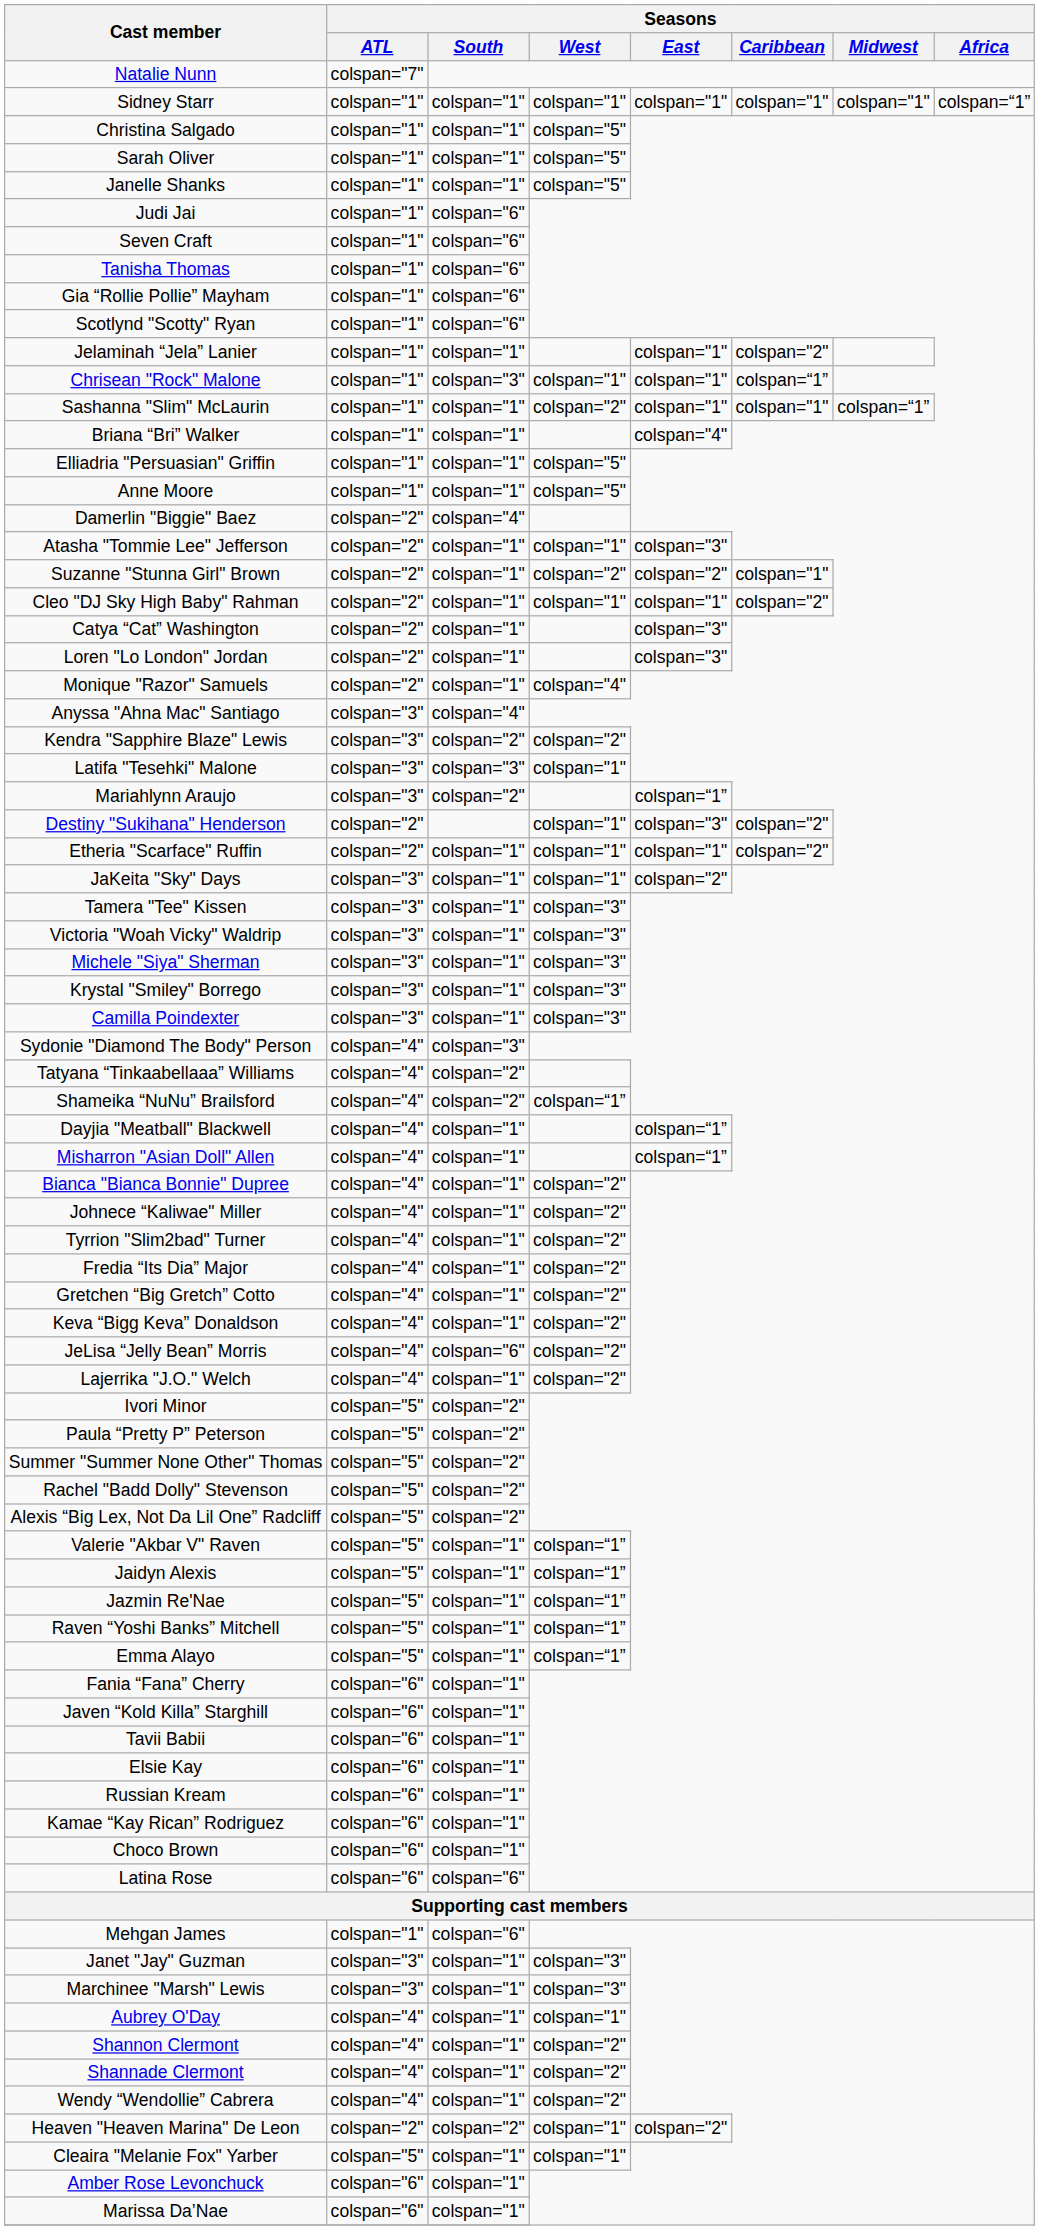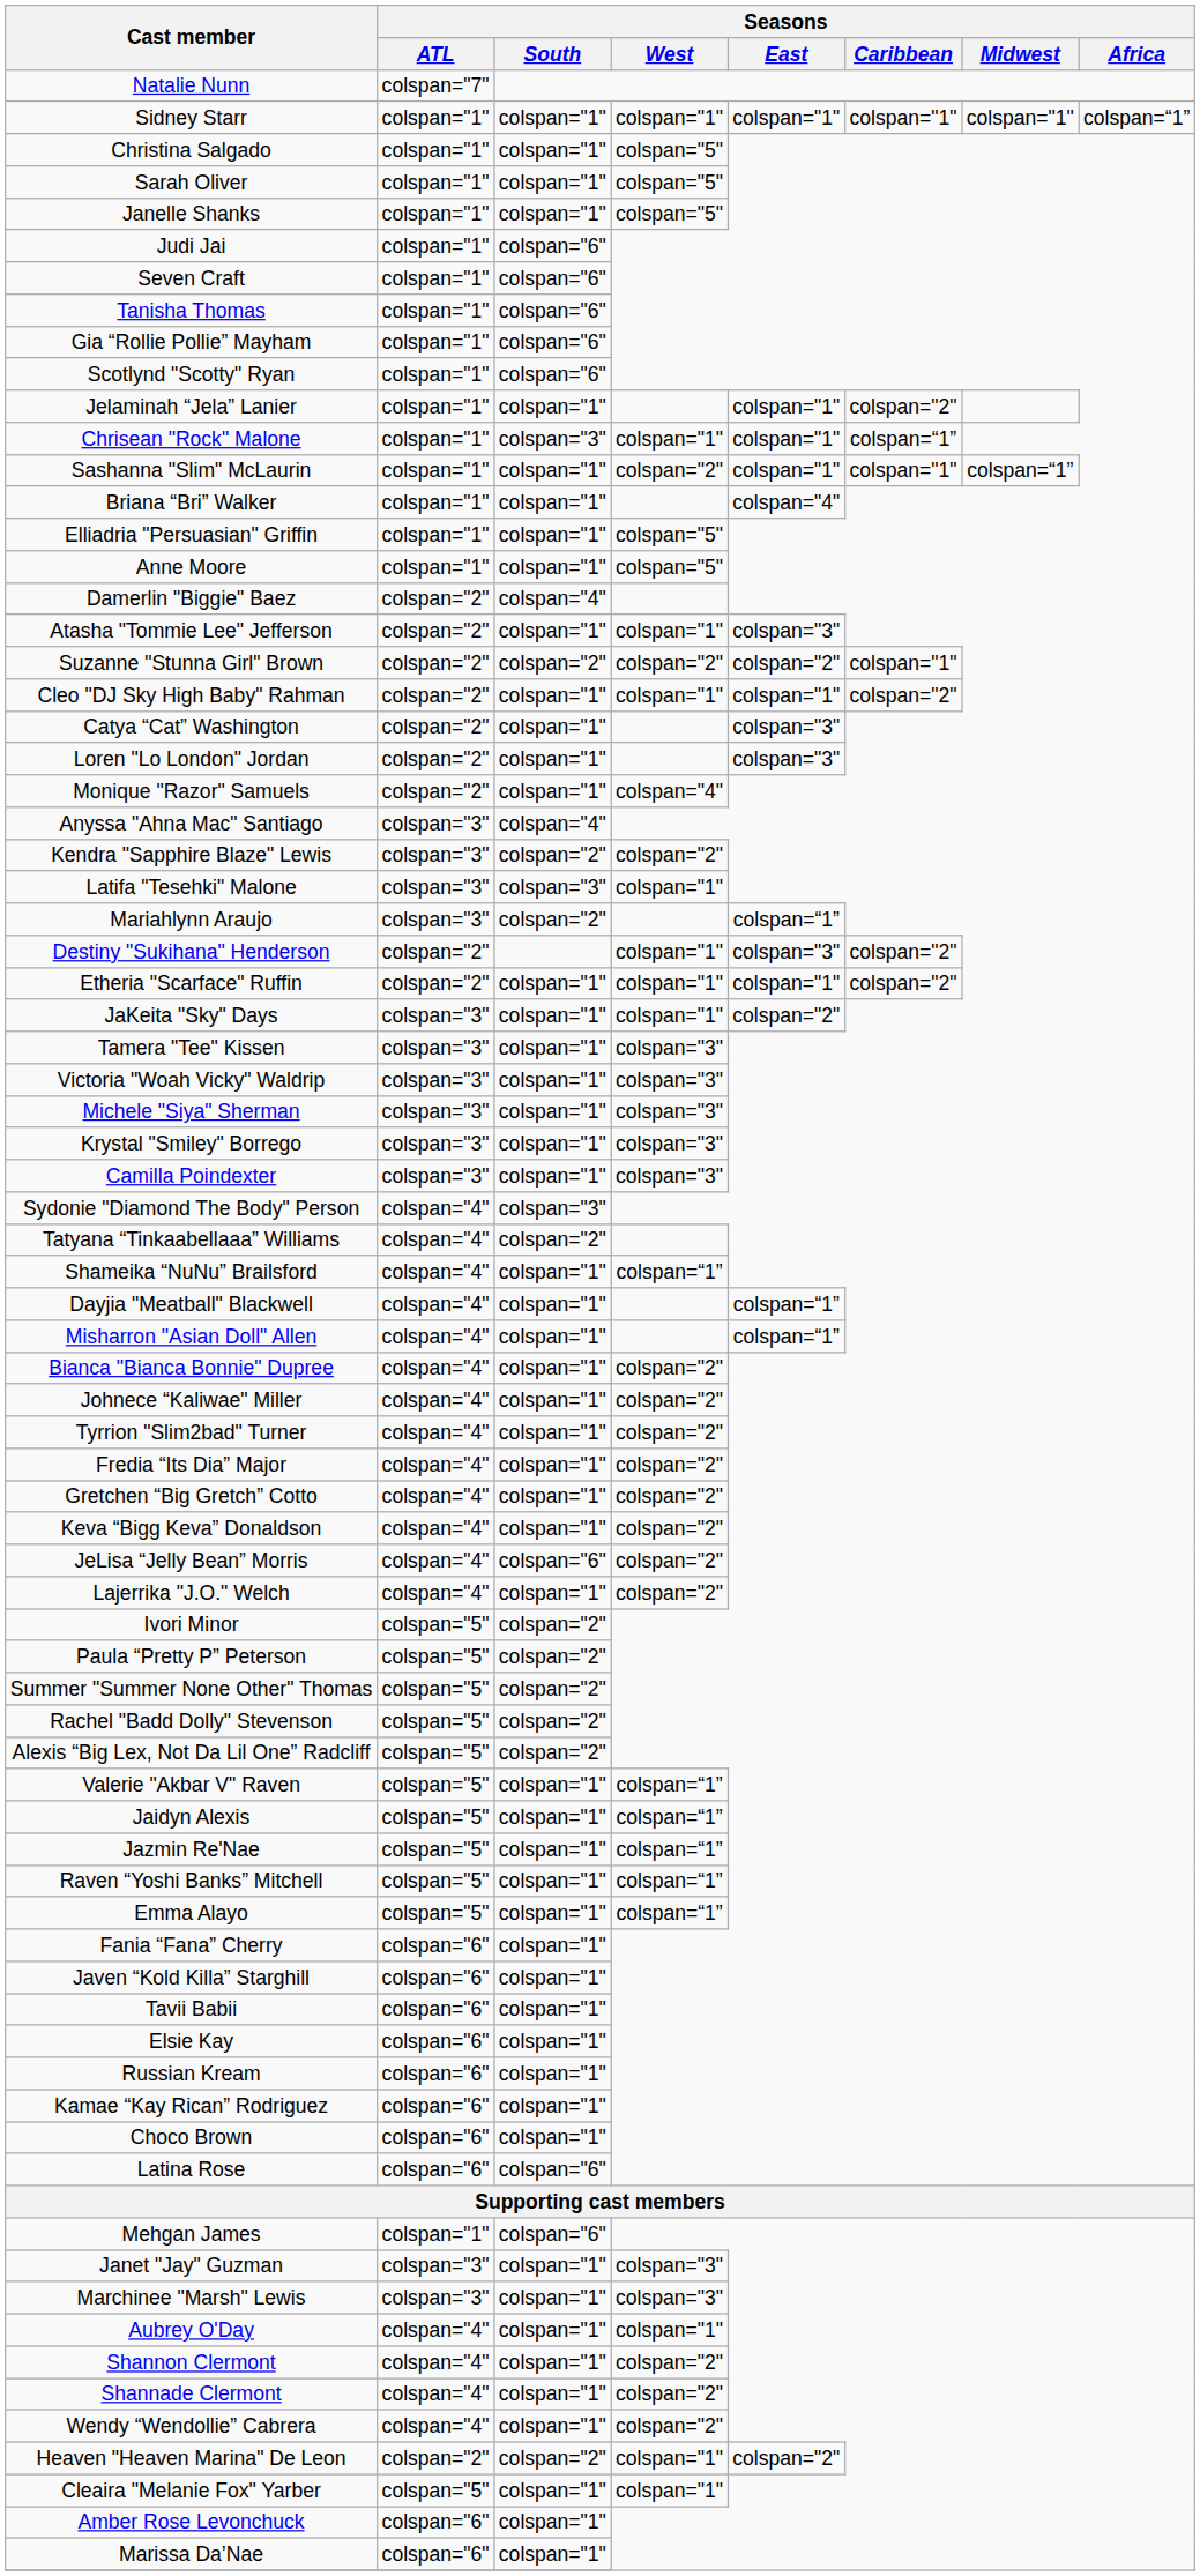 <table class="wikitable plainrowheaders" style="text-align:center; font-size:90%; width:75%">
 <tr>
 <th rowspan="2" style="width:25%;">Cast member</th>
 <th colspan="7">Seasons</th>
 </tr>
 <tr>
 <th style="width:10%;"><em><a href='#'>ATL</a></em></th>
 <th style="width:10%;"><em><a href='#'>South</a></em></th>
 <th style="width:10%;"><em><a href='#'>West</a></em></th>
 <th style="width:10%;"><em><a href='#'>East</a></em></th>
 <th style="width:10%;"><em><a href='#'>Caribbean</a></em></th>
 <th style="width:10%;"><em><a href='#'>Midwest</a></em></th>
 <th style="width:10%;"><em><a href='#'>Africa</a></em></th>
 </tr>
 <tr>
 <td><a href='#'>Natalie Nunn</a></td>
 <td>colspan="7" </td>
 </tr>
 <tr  >
 <td>Sidney Starr</td>
 <td>colspan="1" </td>
 <td>colspan="1" </td>
 <td>colspan="1" </td>
 <td>colspan="1" </td>
 <td>colspan="1" </td>
 <td>colspan="1" </td>
 <td>colspan=“1” </td>
 </tr>
 <tr>
 <td>Christina Salgado</td>
 <td>colspan="1" </td>
 <td>colspan="1" </td>
 <td>colspan="5" </td>
 </tr>
 <tr>
 <td>Sarah Oliver</td>
 <td>colspan="1" </td>
 <td>colspan="1" </td>
 <td>colspan="5" </td>
 </tr>
 <tr>
 <td>Janelle Shanks</td>
 <td>colspan="1" </td>
 <td>colspan="1" </td>
 <td>colspan="5" </td>
 </tr>
 <tr>
 <td>Judi Jai</td>
 <td>colspan="1" </td>
 <td>colspan="6" </td>
 </tr>
 <tr>
 <td>Seven Craft</td>
 <td>colspan="1" </td>
 <td>colspan="6" </td>
 </tr>
 <tr>
 <td><a href='#'>Tanisha Thomas</a></td>
 <td>colspan="1" </td>
 <td>colspan="6" </td>
 </tr>
 <tr>
 <td>Gia “Rollie Pollie” Mayham</td>
 <td>colspan="1" </td>
 <td>colspan="6" </td>
 </tr>
 <tr>
 <td>Scotlynd "Scotty" Ryan</td>
 <td>colspan="1" </td>
 <td>colspan="6" </td>
 </tr>
 <tr>
 <td>Jelaminah “Jela” Lanier</td>
 <td>colspan="1" </td>
 <td>colspan="1" </td>
 <td></td>
 <td>colspan="1" </td>
 <td>colspan="2" </td>
 <td></td>
 </tr>
 <tr>
 <td><a href='#'>Chrisean "Rock" Malone</a></td>
 <td>colspan="1" </td>
 <td>colspan="3" </td>
 <td>colspan="1" </td>
 <td>colspan="1" </td>
 <td>colspan=“1” </td>
 </tr>
 <tr>
 <td>Sashanna "Slim" McLaurin</td>
 <td>colspan="1" </td>
 <td>colspan="1" </td>
 <td>colspan="2" </td>
 <td>colspan="1"  </td>
 <td>colspan="1" </td>
 <td>colspan=“1” </td>
 </tr>
 <tr>
 <td>Briana “Bri” Walker</td>
 <td>colspan="1" </td>
 <td>colspan="1" </td>
 <td></td>
 <td>colspan="4" </td>
 </tr>
 <tr>
 <td>Elliadria "Persuasian" Griffin</td>
 <td>colspan="1" </td>
 <td>colspan="1" </td>
 <td>colspan="5" </td>
 </tr>
 <tr>
 <td>Anne Moore</td>
 <td>colspan="1" </td>
 <td>colspan="1" </td>
 <td>colspan="5" </td>
 </tr>
 <tr>
 <td>Damerlin "Biggie" Baez</td>
 <td>colspan="2" </td>
 <td>colspan="4" </td>
 <td></td>
 </tr>
 <tr>
 <td nowrap>Atasha "Tommie Lee" Jefferson</td>
 <td>colspan="2" </td>
 <td>colspan="1" </td>
 <td>colspan="1" </td>
 <td>colspan="3" </td>
 </tr>
 <tr>
 <td>Suzanne "Stunna Girl" Brown</td>
 <td>colspan="2" </td>
-<td>colspan="1" </td>
+<td>colspan="2" </td>
 <td>colspan="2" </td>
 <td>colspan="2" </td>
 <td>colspan="1" </td>
 </tr>
 <tr>
 <td nowrap>Cleo "DJ Sky High Baby" Rahman</td>
 <td>colspan="2" </td>
 <td>colspan="1" </td>
 <td>colspan="1" </td>
 <td>colspan="1" </td>
 <td>colspan="2" </td>
 </tr>
 <tr>
 <td>Catya “Cat” Washington</td>
 <td>colspan="2" </td>
 <td>colspan="1" </td>
 <td></td>
 <td>colspan="3" </td>
 </tr>
 <tr>
 <td>Loren "Lo London" Jordan</td>
 <td>colspan="2" </td>
 <td>colspan="1" </td>
 <td></td>
 <td>colspan="3" </td>
 </tr>
 <tr>
 <td>Monique "Razor" Samuels</td>
 <td>colspan="2" </td>
 <td>colspan="1" </td>
 <td>colspan="4" </td>
 </tr>
 <tr>
 <td>Anyssa "Ahna Mac" Santiago</td>
 <td>colspan="3" </td>
 <td>colspan="4" </td>
 </tr>
 <tr>
 <td>Kendra "Sapphire Blaze" Lewis</td>
 <td>colspan="3" </td>
 <td>colspan="2" </td>
 <td>colspan="2" </td>
 </tr>
 <tr>
 <td>Latifa "Tesehki" Malone</td>
 <td>colspan="3" </td>
 <td>colspan="3" </td>
 <td>colspan="1" </td>
 </tr>
 <tr>
 <td>Mariahlynn Araujo</td>
 <td>colspan="3" </td>
 <td>colspan="2" </td>
 <td></td>
 <td>colspan=“1” </td>
 </tr>
 <tr>
 <td><a href='#'>Destiny "Sukihana" Henderson</a></td>
 <td>colspan="2" </td>
 <td></td>
 <td>colspan="1" </td>
 <td>colspan="3" </td>
 <td>colspan="2" </td>
 </tr>
 <tr>
 <td>Etheria "Scarface" Ruffin</td>
 <td>colspan="2" </td>
 <td>colspan="1" </td>
 <td>colspan="1" </td>
 <td>colspan="1" </td>
 <td>colspan="2" </td>
 </tr>
 <tr>
 <td>JaKeita "Sky" Days</td>
 <td>colspan="3" </td>
 <td>colspan="1" </td>
 <td>colspan="1" </td>
 <td>colspan="2" </td>
 </tr>
 <tr>
 <td>Tamera "Tee" Kissen</td>
 <td>colspan="3" </td>
 <td>colspan="1" </td>
 <td>colspan="3" </td>
 </tr>
 <tr>
 <td>Victoria "Woah Vicky" Waldrip</td>
 <td>colspan="3" </td>
 <td>colspan="1" </td>
 <td>colspan="3" </td>
 </tr>
 <tr>
 <td><a href='#'>Michele "Siya" Sherman</a></td>
 <td>colspan="3" </td>
 <td>colspan="1" </td>
 <td>colspan="3" </td>
 </tr>
 <tr>
 <td>Krystal "Smiley" Borrego</td>
 <td>colspan="3" </td>
 <td>colspan="1" </td>
 <td>colspan="3" </td>
 </tr>
 <tr>
 <td><a href='#'>Camilla Poindexter</a></td>
 <td>colspan="3" </td>
 <td>colspan="1" </td>
 <td>colspan="3" </td>
 </tr>
 <tr>
 <td nowrap>Sydonie "Diamond The Body" Person</td>
 <td>colspan="4" </td>
 <td>colspan="3" </td>
 </tr>
 <tr>
 <td>Tatyana “Tinkaabellaaa” Williams</td>
 <td>colspan="4" </td>
 <td>colspan="2" </td>
 <td></td>
 </tr>
 <tr>
 <td>Shameika “NuNu” Brailsford</td>
 <td>colspan="4" </td>
-<td>colspan="2" </td>
+<td>colspan="1" </td>
 <td>colspan=“1” </td>
 </tr>
 <tr>
 <td>Dayjia "Meatball" Blackwell</td>
 <td>colspan="4" </td>
 <td>colspan="1" </td>
 <td></td>
 <td>colspan=“1” </td>
 </tr>
 <tr>
 <td><a href='#'>Misharron "Asian Doll" Allen</a></td>
 <td>colspan="4" </td>
 <td>colspan="1" </td>
 <td></td>
 <td>colspan=“1” </td>
 </tr>
 <tr>
 <td><a href='#'>Bianca "Bianca Bonnie" Dupree</a></td>
 <td>colspan="4" </td>
 <td>colspan="1" </td>
 <td>colspan="2" </td>
 </tr>
 <tr>
 <td>Johnece “Kaliwae" Miller</td>
 <td>colspan="4" </td>
 <td>colspan="1" </td>
 <td>colspan="2" </td>
 </tr>
 <tr>
 <td>Tyrrion "Slim2bad" Turner</td>
 <td>colspan="4" </td>
 <td>colspan="1" </td>
 <td>colspan="2" </td>
 </tr>
 <tr>
 <td>Fredia “Its Dia” Major</td>
 <td>colspan="4" </td>
 <td>colspan="1" </td>
 <td>colspan="2" </td>
 </tr>
 <tr>
 <td>Gretchen “Big Gretch” Cotto</td>
 <td>colspan="4" </td>
 <td>colspan="1" </td>
 <td>colspan="2" </td>
 </tr>
 <tr>
 <td>Keva “Bigg Keva” Donaldson</td>
 <td>colspan="4" </td>
 <td>colspan="1" </td>
 <td>colspan="2" </td>
 </tr>
 <tr>
 <td>JeLisa “Jelly Bean” Morris</td>
 <td>colspan="4" </td>
 <td>colspan="6" </td>
 <td>colspan="2" </td>
 </tr>
 <tr>
 <td>Lajerrika "J.O." Welch</td>
 <td>colspan="4" </td>
 <td>colspan="1" </td>
 <td>colspan="2" </td>
 </tr>
 <tr>
 <td>Ivori Minor</td>
 <td>colspan="5" </td>
 <td>colspan="2" </td>
 </tr>
 <tr>
 <td>Paula “Pretty P” Peterson</td>
 <td>colspan="5" </td>
 <td>colspan="2" </td>
 </tr>
 <tr>
 <td nowrap>Summer "Summer None Other" Thomas</td>
 <td>colspan="5" </td>
 <td>colspan="2" </td>
 </tr>
 <tr>
 <td>Rachel "Badd Dolly" Stevenson</td>
 <td>colspan="5" </td>
 <td>colspan="2" </td>
 </tr>
 <tr>
 <td nowrap>Alexis “Big Lex, Not Da Lil One” Radcliff</td>
 <td>colspan="5" </td>
 <td>colspan="2" </td>
 </tr>
 <tr>
 <td>Valerie "Akbar V" Raven</td>
 <td>colspan="5" </td>
 <td>colspan="1" </td>
 <td>colspan=“1” </td>
 </tr>
 <tr>
 <td>Jaidyn Alexis</td>
 <td>colspan="5" </td>
 <td>colspan="1" </td>
 <td>colspan=“1” </td>
 </tr>
 <tr>
 <td>Jazmin Re'Nae</td>
 <td>colspan="5" </td>
 <td>colspan="1" </td>
 <td>colspan=“1” </td>
 </tr>
 <tr>
 <td>Raven “Yoshi Banks” Mitchell</td>
 <td>colspan="5" </td>
 <td>colspan="1" </td>
 <td>colspan=“1” </td>
 </tr>
 <tr>
 <td>Emma Alayo</td>
 <td>colspan="5" </td>
 <td>colspan="1" </td>
 <td>colspan=“1” </td>
 </tr>
 <tr>
 <td>Fania “Fana” Cherry</td>
 <td>colspan="6" </td>
 <td>colspan="1" </td>
 </tr>
 <tr>
 <td>Javen “Kold Killa” Starghill</td>
 <td>colspan="6" </td>
 <td>colspan="1" </td>
 </tr>
 <tr>
 <td>Tavii Babii</td>
 <td>colspan="6" </td>
 <td>colspan="1" </td>
 </tr>
 <tr>
 <td>Elsie Kay</td>
 <td>colspan="6" </td>
 <td>colspan="1" </td>
 </tr>
 <tr>
 <td>Russian Kream</td>
 <td>colspan="6" </td>
 <td>colspan="1" </td>
 </tr>
 <tr>
 <td>Kamae “Kay Rican” Rodriguez</td>
 <td>colspan="6" </td>
 <td>colspan="1" </td>
 </tr>
 <tr>
 <td>Choco Brown</td>
 <td>colspan="6" </td>
 <td>colspan="1" </td>
 </tr>
 <tr>
 <td>Latina Rose</td>
 <td>colspan="6" </td>
 <td>colspan="6" </td>
 </tr>
 <tr>
 <th colspan="8">Supporting cast members</th>
 </tr>
 <tr>
 <td>Mehgan James</td>
 <td>colspan="1"  </td>
 <td>colspan="6" </td>
 </tr>
 <tr>
 <td>Janet "Jay" Guzman</td>
 <td>colspan="3" </td>
 <td>colspan="1"  </td>
 <td>colspan="3" </td>
 </tr>
 <tr>
 <td>Marchinee "Marsh" Lewis</td>
 <td>colspan="3" </td>
 <td>colspan="1"  </td>
 <td>colspan="3" </td>
 </tr>
 <tr>
 <td><a href='#'>Aubrey O'Day</a></td>
 <td>colspan="4" </td>
 <td>colspan="1" </td>
 <td>colspan="1" </td>
 </tr>
 <tr>
 <td><a href='#'>Shannon Clermont</a></td>
 <td>colspan="4" </td>
 <td>colspan="1" </td>
 <td>colspan="2" </td>
 </tr>
 <tr>
 <td><a href='#'>Shannade Clermont</a></td>
 <td>colspan="4" </td>
 <td>colspan="1" </td>
 <td>colspan="2" </td>
 </tr>
 <tr>
 <td>Wendy “Wendollie” Cabrera</td>
 <td>colspan="4" </td>
 <td>colspan="1" </td>
 <td>colspan="2" </td>
 </tr>
 <tr>
 <td>Heaven "Heaven Marina" De Leon</td>
 <td>colspan="2" </td>
 <td>colspan="2" </td>
 <td>colspan="1" </td>
 <td>colspan="2" </td>
 </tr>
 <tr>
 <td>Cleaira "Melanie Fox" Yarber</td>
 <td>colspan="5" </td>
 <td>colspan="1"  </td>
 <td>colspan="1" </td>
 </tr>
 <tr>
 <td><a href='#'>Amber Rose Levonchuck</a></td>
 <td>colspan="6" </td>
 <td>colspan="1" </td>
 </tr>
 <tr>
 <td>Marissa Da’Nae</td>
 <td>colspan="6" </td>
 <td>colspan="1" </td>
 </tr>
 <tr>
 </tr>
 <tr>
 </tr>
 </table>
